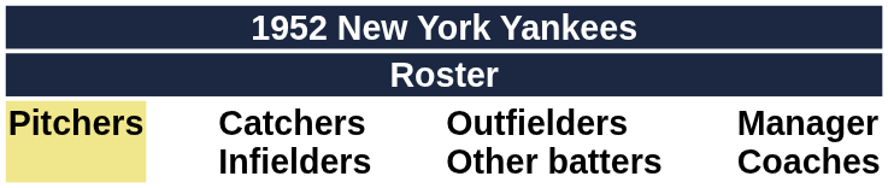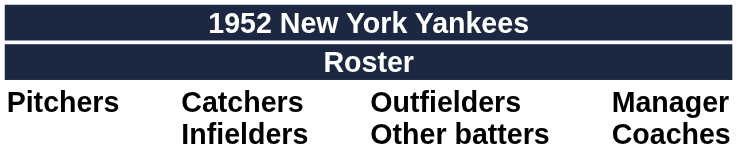 <table class="toccolours" style="font-size: 95%;">
 <tr>
 <th colspan="10" style="background-color: #1c2841; color: white; text-align: center;">1952 New York Yankees</th>
 </tr>
 <tr>
 <td colspan="10" style="background-color: #1c2841; color: white; text-align: center;"><strong>Roster</strong></td>
 </tr>
 <tr>
-<td valign="top" style="background: khaki;"><strong>Pitchers</strong><br>              </td>
+<td valign="top"><strong>Pitchers</strong><br>              </td>
 <td width="25px"></td>
 <td valign="top"><strong>Catchers</strong><br>   <strong>Infielders</strong>            </td>
 <td width="25px"></td>
 <td valign="top"><strong>Outfielders</strong><br>       <strong>Other batters</strong> </td>
 <td width="25px"></td>
 <td valign="top"><strong>Manager</strong><br> <strong>Coaches</strong>   </td>
 </tr>
 </table>
